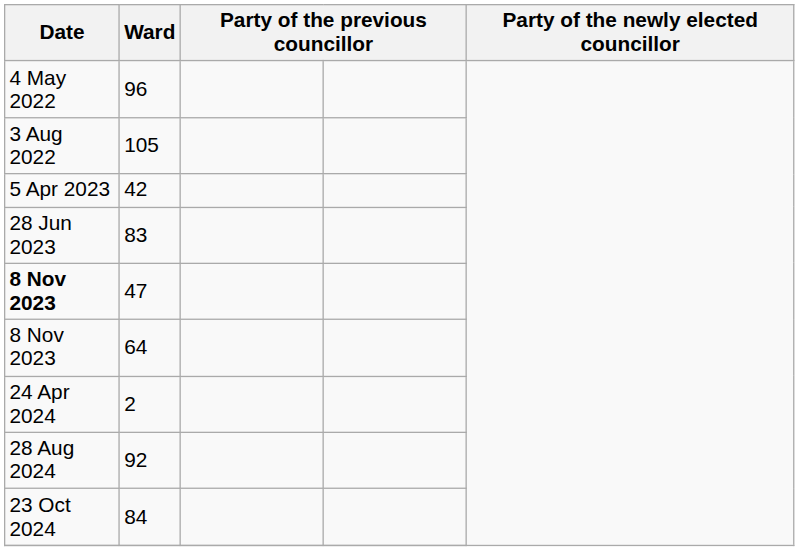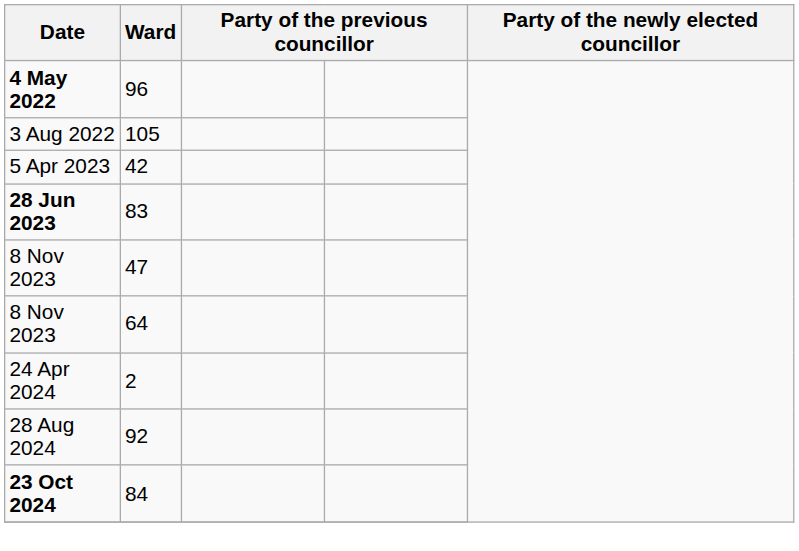 <table class="wikitable">
 <tr>
 <th>Date</th>
 <th>Ward</th>
 <th colspan=2>Party of the previous councillor</th>
 <th colspan=2>Party of the newly elected councillor</th>
 </tr>
 <tr>
-<td>4 May 2022</td>
+<td><strong>4 May 2022</strong></td>
 <td>96</td>
 <td></td>
 <td></td>
 </tr>
 <tr>
 <td>3 Aug 2022</td>
 <td>105</td>
 <td></td>
 <td></td>
 </tr>
 <tr>
 <td>5 Apr 2023</td>
 <td>42</td>
 <td></td>
 <td></td>
 </tr>
 <tr>
-<td>28 Jun 2023</td>
+<td><strong>28 Jun 2023</strong></td>
 <td>83</td>
 <td></td>
 <td></td>
 </tr>
 <tr>
-<td><strong>8 Nov 2023</strong></td>
+<td>8 Nov 2023</td>
 <td>47</td>
 <td></td>
 <td></td>
 </tr>
 <tr>
 <td>8 Nov 2023</td>
 <td>64</td>
 <td></td>
 <td></td>
 </tr>
 <tr>
 <td>24 Apr 2024</td>
 <td>2</td>
 <td></td>
 <td></td>
 </tr>
 <tr>
 <td>28 Aug 2024</td>
 <td>92</td>
 <td></td>
 <td></td>
 </tr>
 <tr>
-<td>23 Oct 2024</td>
+<td><strong>23 Oct 2024</strong></td>
 <td>84</td>
 <td></td>
 <td></td>
 </tr>
 <tr>
 </tr>
 </table>
